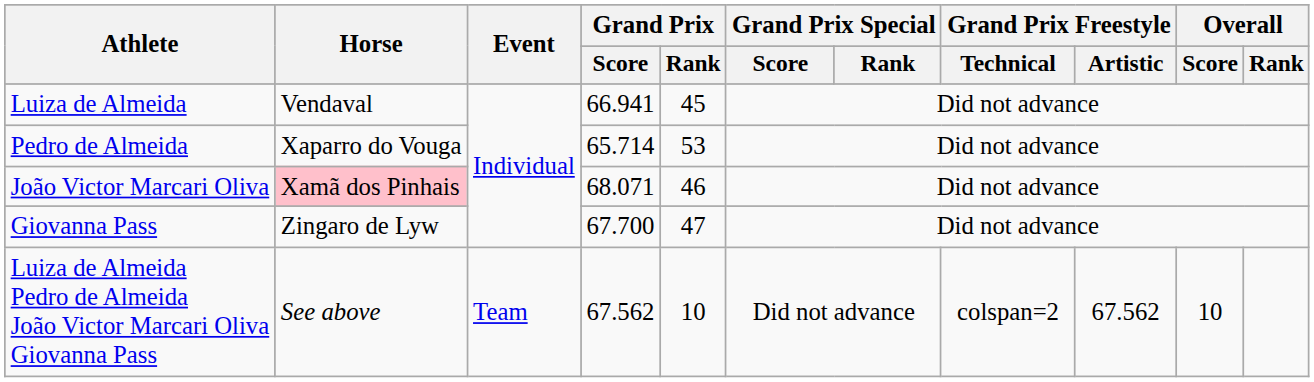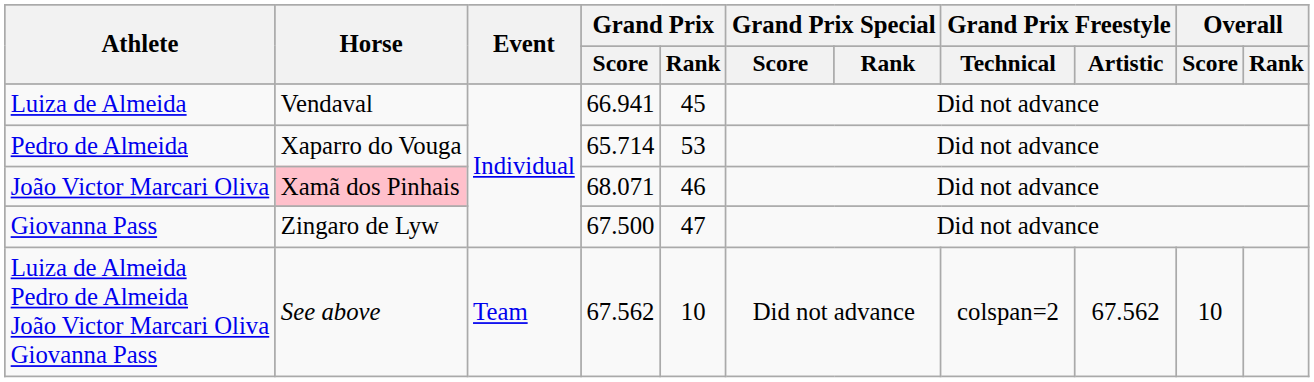 <table class=wikitable style="font-size:90%">
 <tr>
 <th rowspan="2">Athlete</th>
 <th rowspan="2">Horse</th>
 <th rowspan="2">Event</th>
 <th colspan="2">Grand Prix</th>
 <th colspan="2">Grand Prix Special</th>
 <th colspan="2">Grand Prix Freestyle</th>
 <th colspan="2">Overall</th>
 </tr>
 <tr style="font-size:95%">
 <th>Score</th>
 <th>Rank</th>
 <th>Score</th>
 <th>Rank</th>
 <th>Technical</th>
 <th>Artistic</th>
 <th>Score</th>
 <th>Rank</th>
 </tr>
 <tr align=center>
 <td align=left><a href='#'>Luiza de Almeida</a></td>
 <td align=left>Vendaval</td>
 <td rowspan=4 align=left><a href='#'>Individual</a></td>
 <td>66.941</td>
 <td>45</td>
 <td colspan=6>Did not advance</td>
 </tr>
 <tr align=center>
 <td align=left><a href='#'>Pedro de Almeida</a></td>
 <td align=left>Xaparro do Vouga</td>
 <td>65.714</td>
 <td>53</td>
 <td colspan=6>Did not advance</td>
 </tr>
 <tr align=center>
 <td align=left><a href='#'>João Victor Marcari Oliva</a></td>
 <td align=left style="background: pink;">Xamã dos Pinhais</td>
 <td>68.071</td>
 <td>46</td>
 <td colspan=6>Did not advance</td>
 </tr>
 <tr align=center>
 <td align=left><a href='#'>Giovanna Pass</a></td>
 <td align=left>Zingaro de Lyw</td>
-<td>67.700</td>
+<td>67.500</td>
 <td>47</td>
 <td colspan=6>Did not advance</td>
 </tr>
 <tr align=center>
 <td align=left><a href='#'>Luiza de Almeida</a><br><a href='#'>Pedro de Almeida</a><br><a href='#'>João Victor Marcari Oliva</a><br><a href='#'>Giovanna Pass</a></td>
 <td align=left><em>See above</em></td>
 <td align=left><a href='#'>Team</a></td>
 <td>67.562</td>
 <td>10</td>
 <td colspan=2>Did not advance</td>
 <td>colspan=2 </td>
 <td>67.562</td>
 <td>10</td>
 </tr>
 </table>
